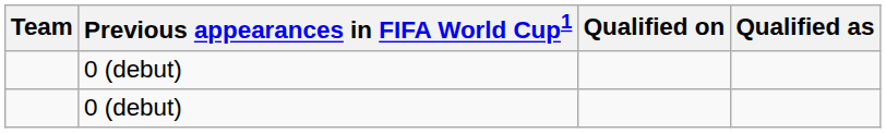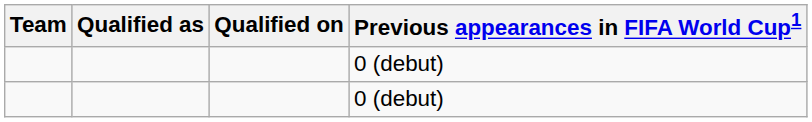 <table class="wikitable sortable">
 <tr>
 <th>Team</th>
+<th>Qualified as</th>
+<th>Qualified on</th>
 <th data-sort-type="number">Previous <a href='#'>appearances</a> in <a href='#'>FIFA World Cup</a><sup><strong><a href='#'>1</a></strong></sup></th>
-<th>Qualified on</th>
-<th>Qualified as</th>
 </tr>
 <tr>
 <td></td>
-<td>0 (debut)</td>
 <td></td>
 <td></td>
+<td>0 (debut)</td>
 </tr>
 <tr>
 <td></td>
-<td>0 (debut)</td>
 <td></td>
 <td></td>
+<td>0 (debut)</td>
 </tr>
 </table>
